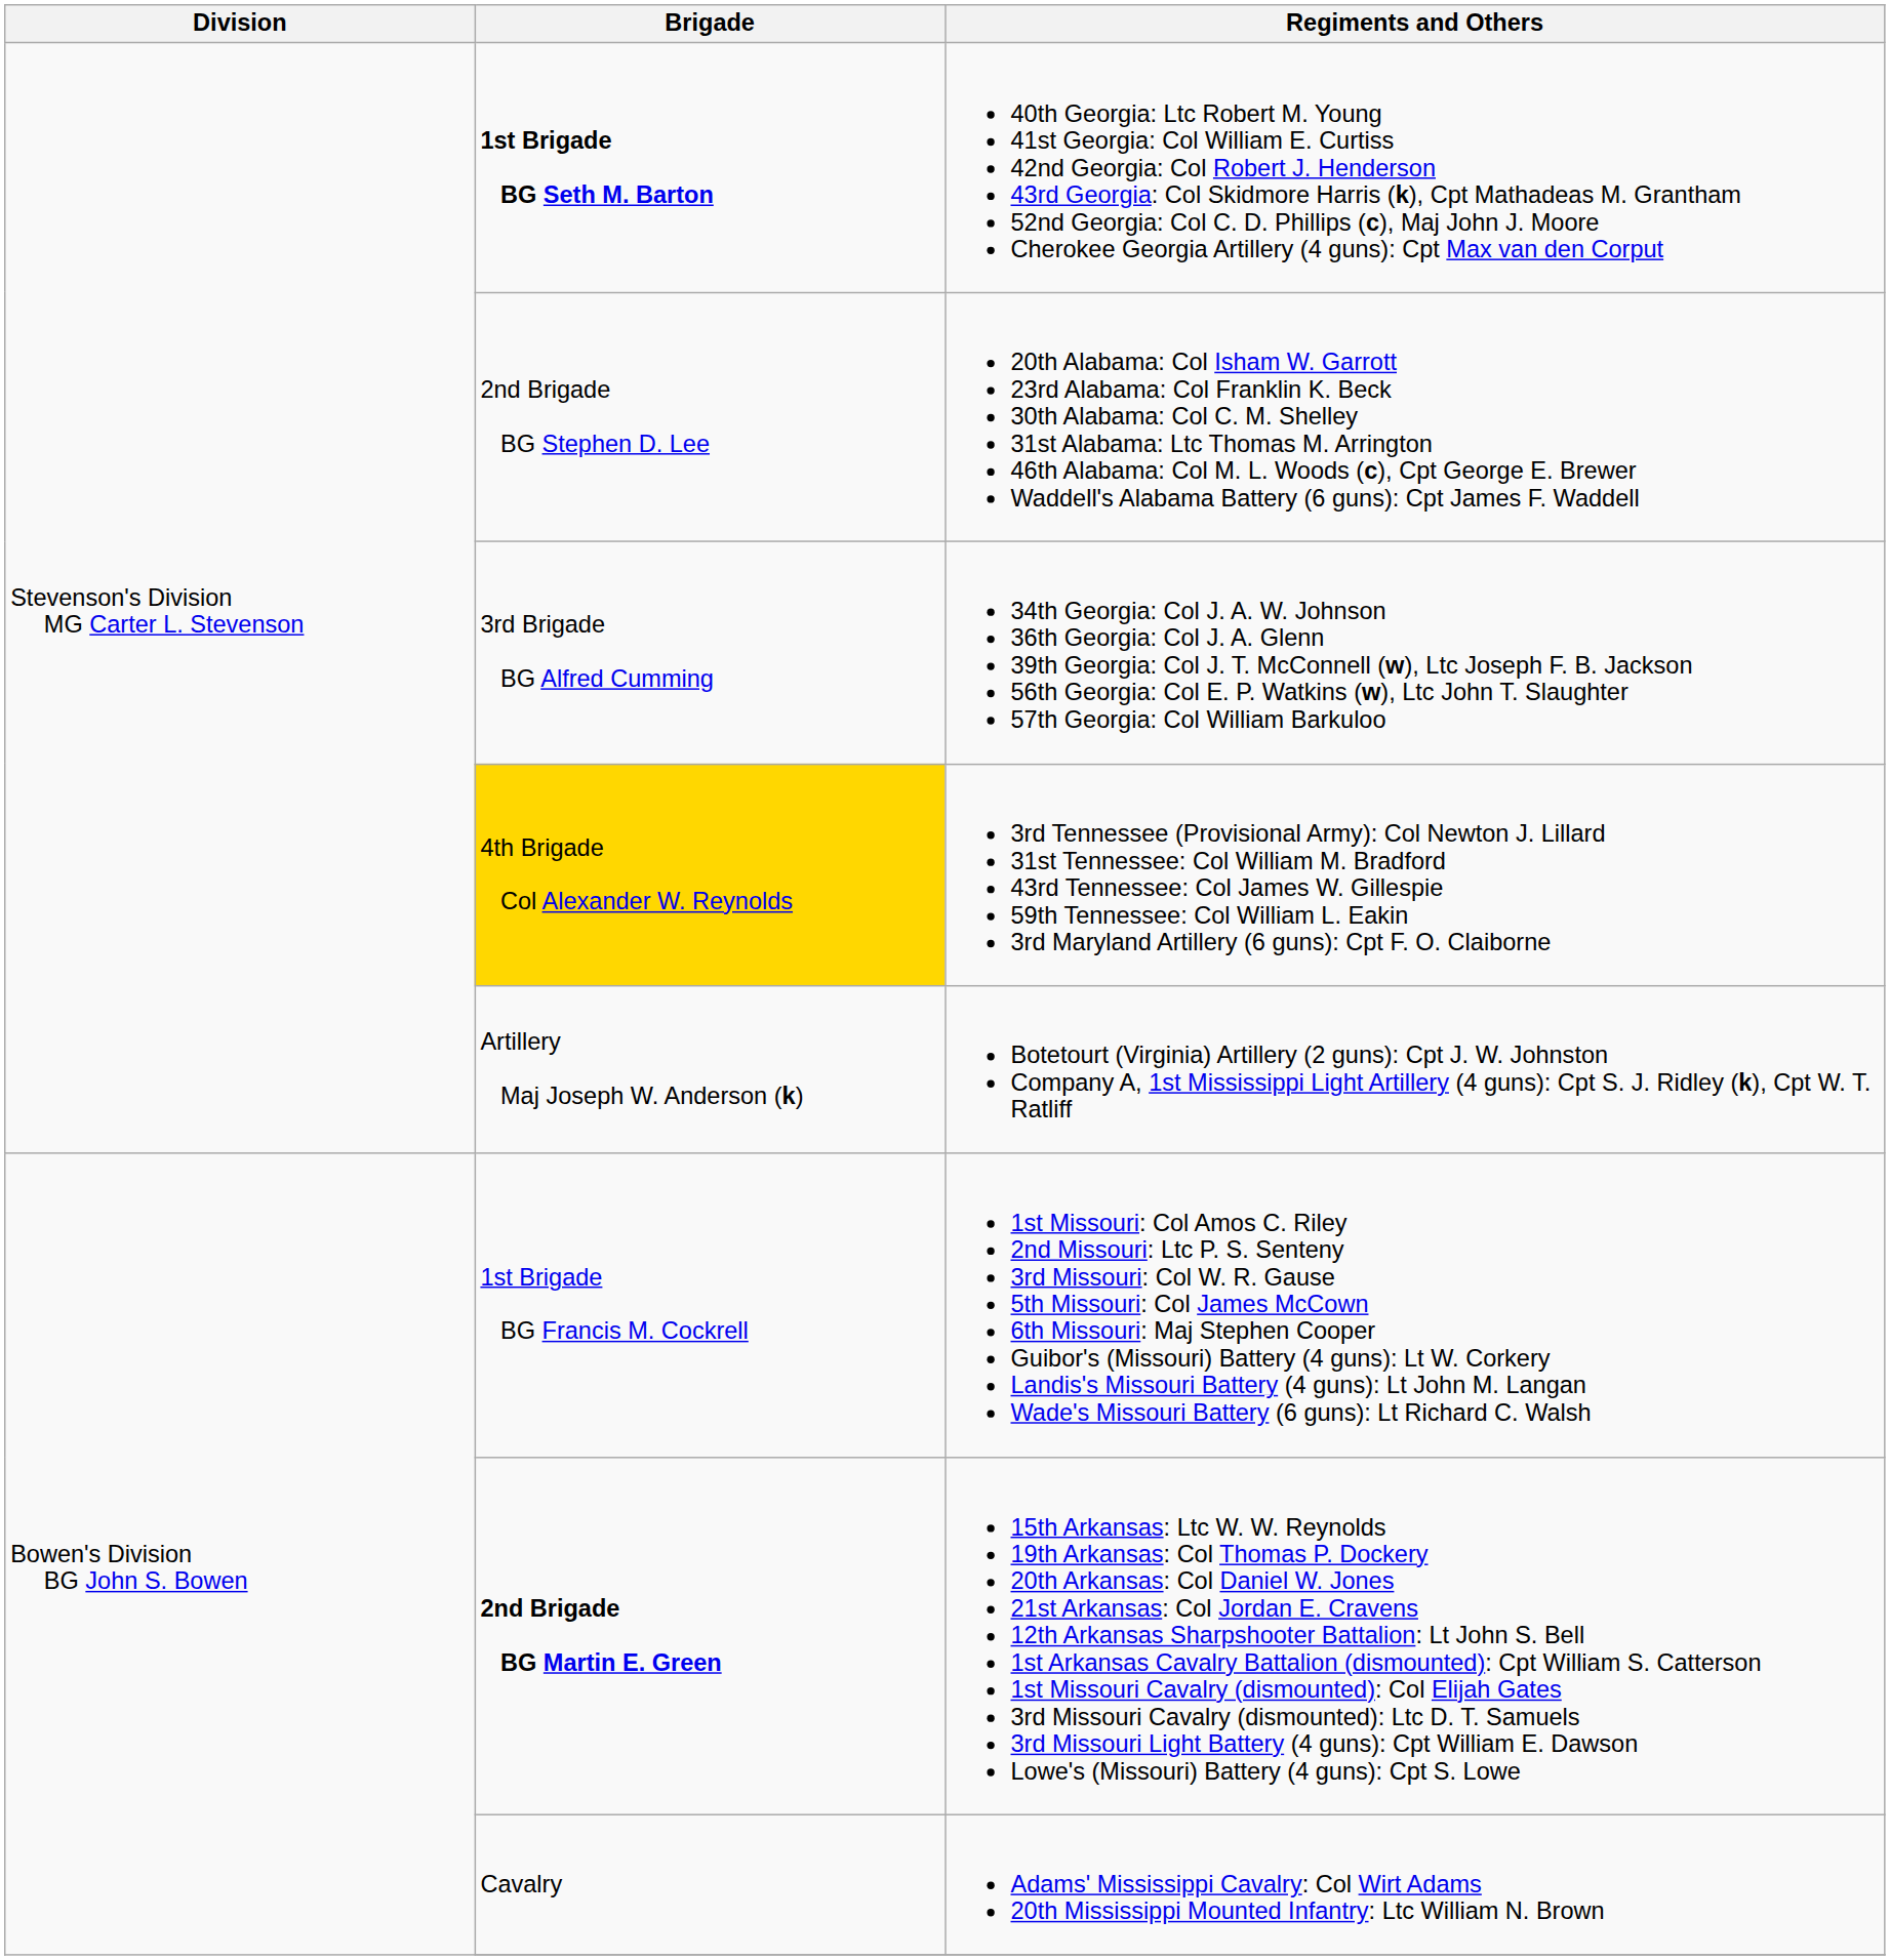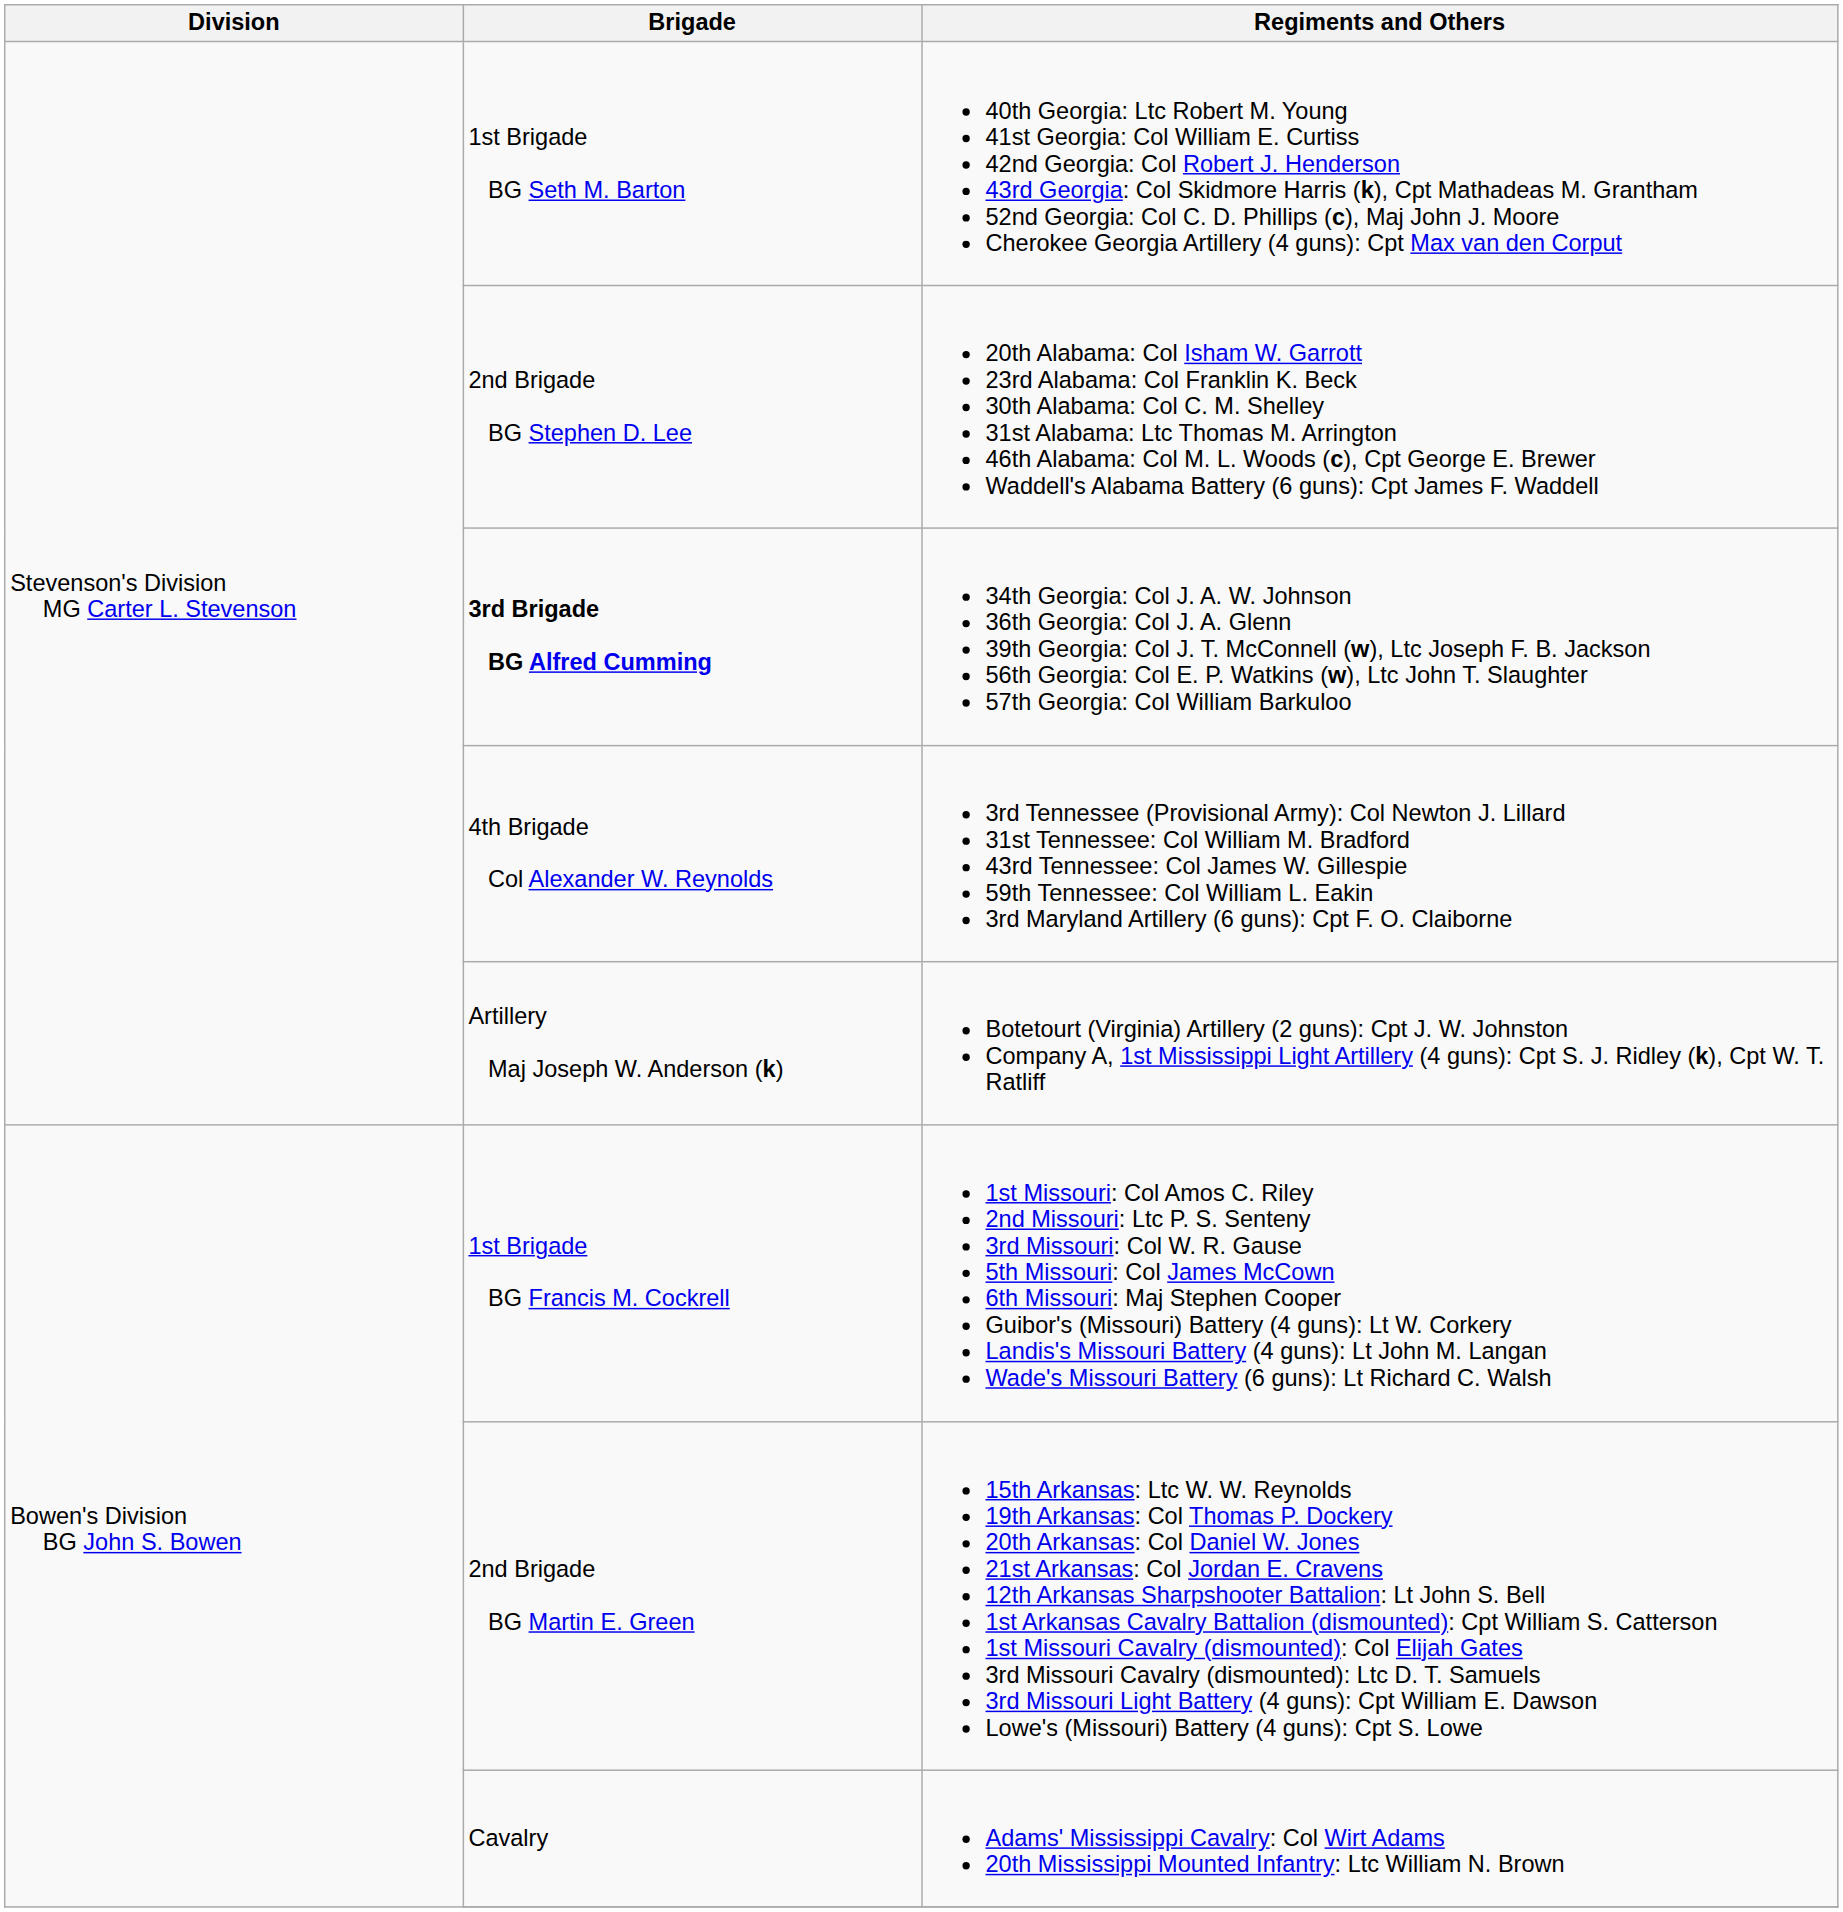 <table class="wikitable">
 <tr>
 <th width=25%>Division</th>
 <th width=25%>Brigade</th>
 <th>Regiments and Others</th>
 </tr>
 <tr>
 <td rowspan=5><br>Stevenson's Division <br>     MG <a href='#'>Carter L. Stevenson</a></td>
-<td><strong>1st Brigade<br><br>   BG <a href='#'>Seth M. Barton</a></strong></td>
+<td>1st Brigade<br><br>   BG <a href='#'>Seth M. Barton</a></td>
 <td><br><ul><li>40th Georgia: Ltc Robert M. Young</li><li>41st Georgia: Col William E. Curtiss</li><li>42nd Georgia: Col <a href='#'>Robert J. Henderson</a></li><li><a href='#'>43rd Georgia</a>: Col Skidmore Harris (<strong>k</strong>), Cpt Mathadeas M. Grantham</li><li>52nd Georgia: Col C. D. Phillips (<strong>c</strong>), Maj John J. Moore</li><li>Cherokee Georgia Artillery (4 guns): Cpt <a href='#'>Max van den Corput</a></li></ul></td>
 </tr>
 <tr>
 <td>2nd Brigade<br><br>   BG <a href='#'>Stephen D. Lee</a></td>
 <td><br><ul><li>20th Alabama: Col <a href='#'>Isham W. Garrott</a></li><li>23rd Alabama: Col Franklin K. Beck</li><li>30th Alabama: Col C. M. Shelley</li><li>31st Alabama: Ltc Thomas M. Arrington</li><li>46th Alabama: Col M. L. Woods (<strong>c</strong>), Cpt George E. Brewer</li><li>Waddell's Alabama Battery (6 guns): Cpt James F. Waddell</li></ul></td>
 </tr>
 <tr>
-<td>3rd Brigade<br><br>   BG <a href='#'>Alfred Cumming</a></td>
+<td><strong>3rd Brigade<br><br>   BG <a href='#'>Alfred Cumming</a></strong></td>
 <td><br><ul><li>34th Georgia: Col J. A. W. Johnson</li><li>36th Georgia: Col J. A. Glenn</li><li>39th Georgia: Col J. T. McConnell (<strong>w</strong>), Ltc Joseph F. B. Jackson</li><li>56th Georgia: Col E. P. Watkins (<strong>w</strong>), Ltc John T. Slaughter</li><li>57th Georgia: Col William Barkuloo</li></ul></td>
 </tr>
 <tr>
-<td style="background: gold;">4th Brigade<br><br>   Col <a href='#'>Alexander W. Reynolds</a></td>
+<td>4th Brigade<br><br>   Col <a href='#'>Alexander W. Reynolds</a></td>
 <td><br><ul><li>3rd Tennessee (Provisional Army): Col Newton J. Lillard</li><li>31st Tennessee: Col William M. Bradford</li><li>43rd Tennessee: Col James W. Gillespie</li><li>59th Tennessee: Col William L. Eakin</li><li>3rd Maryland Artillery (6 guns): Cpt F. O. Claiborne</li></ul></td>
 </tr>
 <tr>
 <td>Artillery<br><br>   Maj Joseph W. Anderson (<strong>k</strong>)<br></td>
 <td><br><ul><li>Botetourt (Virginia) Artillery (2 guns): Cpt J. W. Johnston</li><li>Company A, <a href='#'>1st Mississippi Light Artillery</a> (4 guns): Cpt S. J. Ridley (<strong>k</strong>), Cpt W. T. Ratliff</li></ul></td>
 </tr>
 <tr>
 <td rowspan=4><br>Bowen's Division <br>     BG <a href='#'>John S. Bowen</a></td>
 <td><a href='#'>1st Brigade</a><br><br>   BG <a href='#'>Francis M. Cockrell</a></td>
 <td><br><ul><li><a href='#'>1st Missouri</a>: Col Amos C. Riley</li><li><a href='#'>2nd Missouri</a>: Ltc P. S. Senteny</li><li><a href='#'>3rd Missouri</a>: Col W. R. Gause</li><li><a href='#'>5th Missouri</a>: Col <a href='#'>James McCown</a></li><li><a href='#'>6th Missouri</a>: Maj Stephen Cooper</li><li>Guibor's (Missouri) Battery (4 guns): Lt W. Corkery</li><li><a href='#'>Landis's Missouri Battery</a> (4 guns): Lt John M. Langan</li><li><a href='#'>Wade's Missouri Battery</a> (6 guns): Lt Richard C. Walsh</li></ul></td>
 </tr>
 <tr>
-<td><strong>2nd Brigade<br><br>   BG <a href='#'>Martin E. Green</a></strong></td>
+<td>2nd Brigade<br><br>   BG <a href='#'>Martin E. Green</a></td>
 <td><br><ul><li><a href='#'>15th Arkansas</a>: Ltc W. W. Reynolds</li><li><a href='#'>19th Arkansas</a>: Col <a href='#'>Thomas P. Dockery</a></li><li><a href='#'>20th Arkansas</a>: Col <a href='#'>Daniel W. Jones</a></li><li><a href='#'>21st Arkansas</a>: Col <a href='#'>Jordan E. Cravens</a></li><li><a href='#'>12th Arkansas Sharpshooter Battalion</a>: Lt John S. Bell</li><li><a href='#'>1st Arkansas Cavalry Battalion (dismounted)</a>: Cpt William S. Catterson</li><li><a href='#'>1st Missouri Cavalry (dismounted)</a>: Col <a href='#'>Elijah Gates</a></li><li>3rd Missouri Cavalry (dismounted): Ltc D. T. Samuels</li><li><a href='#'>3rd Missouri Light Battery</a> (4 guns): Cpt William E. Dawson</li><li>Lowe's (Missouri) Battery (4 guns): Cpt S. Lowe</li></ul></td>
 </tr>
 <tr>
 <td>Cavalry</td>
 <td><br><ul><li><a href='#'>Adams' Mississippi Cavalry</a>: Col <a href='#'>Wirt Adams</a></li><li><a href='#'>20th Mississippi Mounted Infantry</a>: Ltc William N. Brown</li></ul></td>
 </tr>
 <tr>
 </tr>
 </table>
